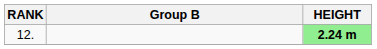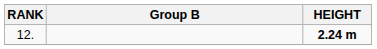 <table class="wikitable" style="border-collapse: collapse; font-size: 90%;">
 <tr>
 <th>RANK</th>
 <th style="width: 20em">Group B</th>
 <th style="width: 5em">HEIGHT</th>
 </tr>
 <tr>
 <td align="center">12.</td>
 <td></td>
-<td align="center" style="background: lightgreen;"><strong>2.24 m</strong></td>
+<td align="center"><strong>2.24 m</strong></td>
 </tr>
 <tr>
 </tr>
 </table>
